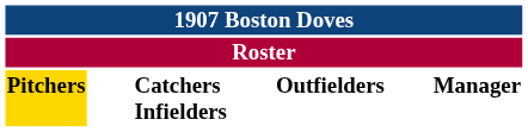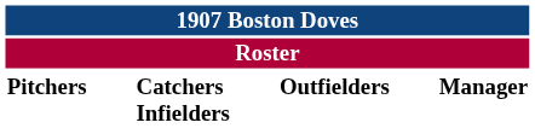 <table class="toccolours" style="font-size: 95%;">
 <tr>
 <th colspan="10" style="background:#0f437c; color:white; text-align:center;">1907 Boston Doves</th>
 </tr>
 <tr>
 <td colspan="10" style="background:#af0039; color:white; text-align:center;"><strong>Roster</strong></td>
 </tr>
 <tr>
-<td valign="top" style="background: gold;"><strong>Pitchers</strong><br>         </td>
+<td valign="top"><strong>Pitchers</strong><br>         </td>
 <td style="width:25px;"></td>
 <td valign="top"><strong>Catchers</strong><br>      <strong>Infielders</strong>       </td>
 <td style="width:25px;"></td>
 <td valign="top"><strong>Outfielders</strong><br>     </td>
 <td style="width:25px;"></td>
 <td valign="top"><strong>Manager</strong><br></td>
 </tr>
 </table>
